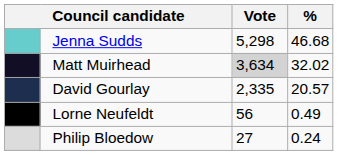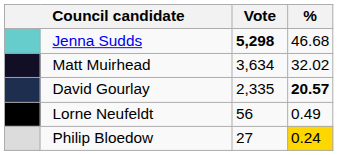 <table class="wikitable">
 <tr>
 <th bgcolor="#DDDDFF" width="230px" colspan="2">Council candidate</th>
 <th bgcolor="#DDDDFF" width="50px">Vote</th>
 <th bgcolor="#DDDDFF" width="30px">%</th>
 </tr>
 <tr>
 <td bgcolor=#66CCCC width="30px"> </td>
 <td>  <a href='#'>Jenna Sudds</a></td>
-<td>5,298</td>
+<td><strong>5,298</strong></td>
 <td>46.68</td>
 </tr>
 <tr>
 <td bgcolor=#120E26 width="30px"> </td>
 <td>  Matt Muirhead</td>
-<td style="background: lightgrey;">3,634</td>
+<td>3,634</td>
 <td>32.02</td>
 </tr>
 <tr>
 <td bgcolor=#1D2E4F width="30px"> </td>
 <td>  David Gourlay</td>
 <td>2,335</td>
-<td>20.57</td>
+<td><strong>20.57</strong></td>
 </tr>
 <tr>
 <td bgcolor=#000000 width="30px"> </td>
 <td>  Lorne Neufeldt</td>
 <td>56</td>
 <td>0.49</td>
 </tr>
 <tr>
 <td bgcolor=#DCDCDC width="30px"> </td>
 <td>  Philip Bloedow</td>
 <td>27</td>
-<td>0.24</td>
+<td style="background: gold;">0.24</td>
 </tr>
 </table>
